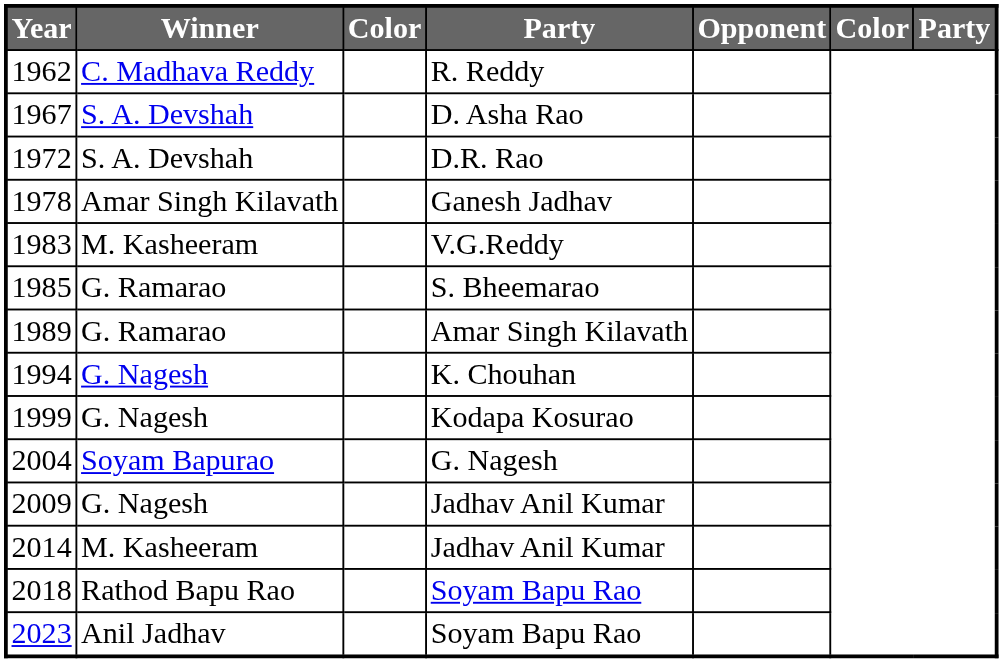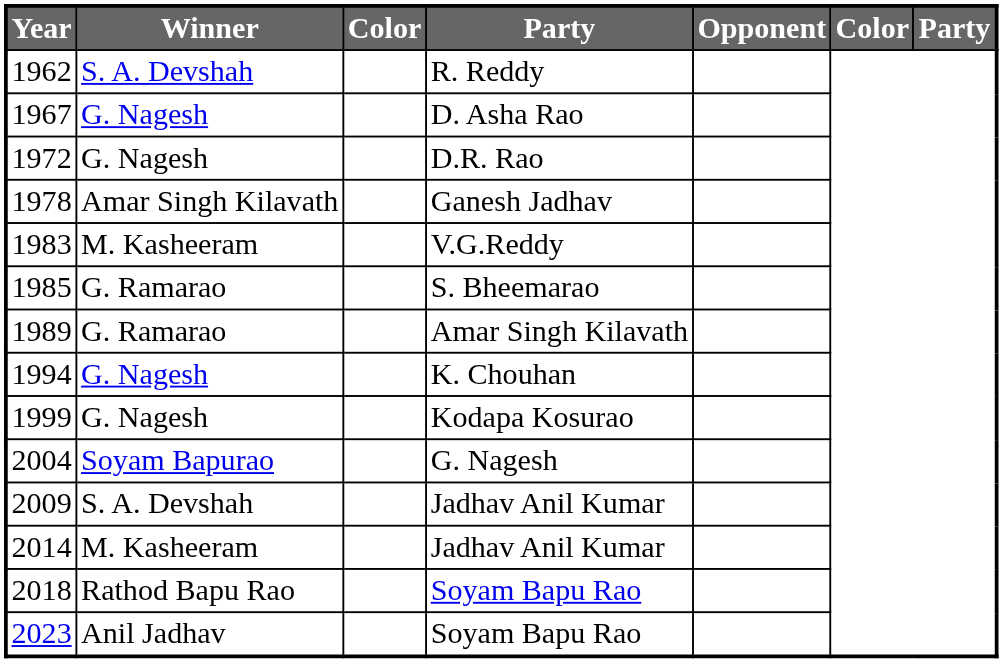 <table cellpadding="2" cellspacing="0" border="1" style="border-collapse: collapse; border: 2px #000000 solid; font-size: x-big; font-family: verdana">
 <tr>
 <th style="background-color:#666666; color:white">Year</th>
 <th style="background-color:#666666; color:white">Winner</th>
 <th style="background-color:#666666; color:white">Color</th>
 <th style="background-color:#666666; color:white">Party</th>
 <th style="background-color:#666666; color:white">Opponent</th>
 <th style="background-color:#666666; color:white">Color</th>
 <th style="background-color:#666666; color:white">Party</th>
 </tr>
 <tr>
 <td>1962</td>
-<td><a href='#'>C. Madhava Reddy</a></td>
+<td><a href='#'>S. A. Devshah</a></td>
 <td></td>
 <td>R. Reddy</td>
 <td></td>
 </tr>
 <tr>
 <td>1967</td>
-<td><a href='#'>S. A. Devshah</a></td>
+<td><a href='#'>G. Nagesh</a></td>
 <td></td>
 <td>D. Asha Rao</td>
 <td></td>
 </tr>
 <tr>
 <td>1972</td>
-<td>S. A. Devshah</td>
+<td>G. Nagesh</td>
 <td></td>
 <td>D.R. Rao</td>
 <td></td>
 </tr>
 <tr>
 <td>1978</td>
 <td>Amar Singh Kilavath</td>
 <td></td>
 <td>Ganesh Jadhav</td>
 <td></td>
 </tr>
 <tr>
 <td>1983</td>
 <td>M. Kasheeram</td>
 <td></td>
 <td>V.G.Reddy</td>
 <td></td>
 </tr>
 <tr>
 <td>1985</td>
 <td>G. Ramarao</td>
 <td></td>
 <td>S. Bheemarao</td>
 <td></td>
 </tr>
 <tr>
 <td>1989</td>
 <td>G. Ramarao</td>
 <td></td>
 <td>Amar Singh Kilavath</td>
 <td></td>
 </tr>
 <tr>
 <td>1994</td>
 <td><a href='#'>G. Nagesh</a></td>
 <td></td>
 <td>K. Chouhan</td>
 <td></td>
 </tr>
 <tr>
 <td>1999</td>
 <td>G. Nagesh</td>
 <td></td>
 <td>Kodapa Kosurao</td>
 <td></td>
 </tr>
 <tr>
 <td>2004</td>
 <td><a href='#'>Soyam Bapurao</a></td>
 <td></td>
 <td>G. Nagesh</td>
 <td></td>
 </tr>
 <tr>
 <td>2009</td>
-<td>G. Nagesh</td>
+<td>S. A. Devshah</td>
 <td></td>
 <td>Jadhav Anil Kumar</td>
 <td></td>
 </tr>
 <tr>
 <td>2014</td>
 <td>M. Kasheeram</td>
 <td></td>
 <td>Jadhav Anil Kumar</td>
 <td></td>
 </tr>
 <tr>
 <td>2018</td>
 <td>Rathod Bapu Rao</td>
 <td></td>
 <td><a href='#'>Soyam Bapu Rao</a></td>
 <td></td>
 </tr>
 <tr>
 <td><a href='#'>2023</a></td>
 <td>Anil Jadhav</td>
 <td></td>
 <td>Soyam Bapu Rao</td>
 <td></td>
 </tr>
 </table>
